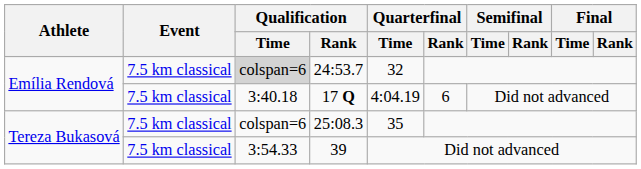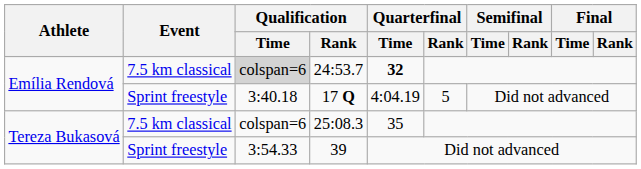 <table class="wikitable" style="font-size:90%">
 <tr>
 <th rowspan="2">Athlete</th>
 <th rowspan="2">Event</th>
 <th colspan="2">Qualification</th>
 <th colspan="2">Quarterfinal</th>
 <th colspan="2">Semifinal</th>
 <th colspan="2">Final</th>
 </tr>
 <tr style="font-size:95%">
 <th>Time</th>
 <th>Rank</th>
 <th>Time</th>
 <th>Rank</th>
 <th>Time</th>
 <th>Rank</th>
 <th>Time</th>
 <th>Rank</th>
 </tr>
 <tr align=center>
 <td align=left rowspan=2><a href='#'>Emília Rendová</a></td>
 <td align=left><a href='#'>7.5 km classical</a></td>
 <td style="background: lightgrey;">colspan=6</td>
 <td>24:53.7</td>
-<td>32</td>
+<td><strong>32</strong></td>
 </tr>
 <tr align=center>
-<td align=left><a href='#'>7.5 km classical</a></td>
+<td align=left><a href='#'>Sprint freestyle</a></td>
 <td>3:40.18</td>
 <td>17 <strong>Q</strong></td>
 <td>4:04.19</td>
-<td>6</td>
+<td>5</td>
 <td colspan=4>Did not advanced</td>
 </tr>
 <tr align=center>
 <td align=left rowspan=2><a href='#'>Tereza Bukasová</a></td>
 <td align=left><a href='#'>7.5 km classical</a></td>
 <td>colspan=6</td>
 <td>25:08.3</td>
 <td>35</td>
 </tr>
 <tr align=center>
-<td align=left><a href='#'>7.5 km classical</a></td>
+<td align=left><a href='#'>Sprint freestyle</a></td>
 <td>3:54.33</td>
 <td>39</td>
 <td colspan=6>Did not advanced</td>
 </tr>
 </table>
